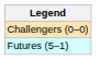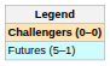 <table class=wikitable style=font-size:97%>
 <tr>
 <th>Legend</th>
 </tr>
 <tr bgcolor=moccasin>
-<td>Challengers (0–0)</td>
+<td><strong>Challengers (0–0)</strong></td>
 </tr>
 <tr bgcolor=CFFCFF>
 <td>Futures (5–1)</td>
 </tr>
 </table>
